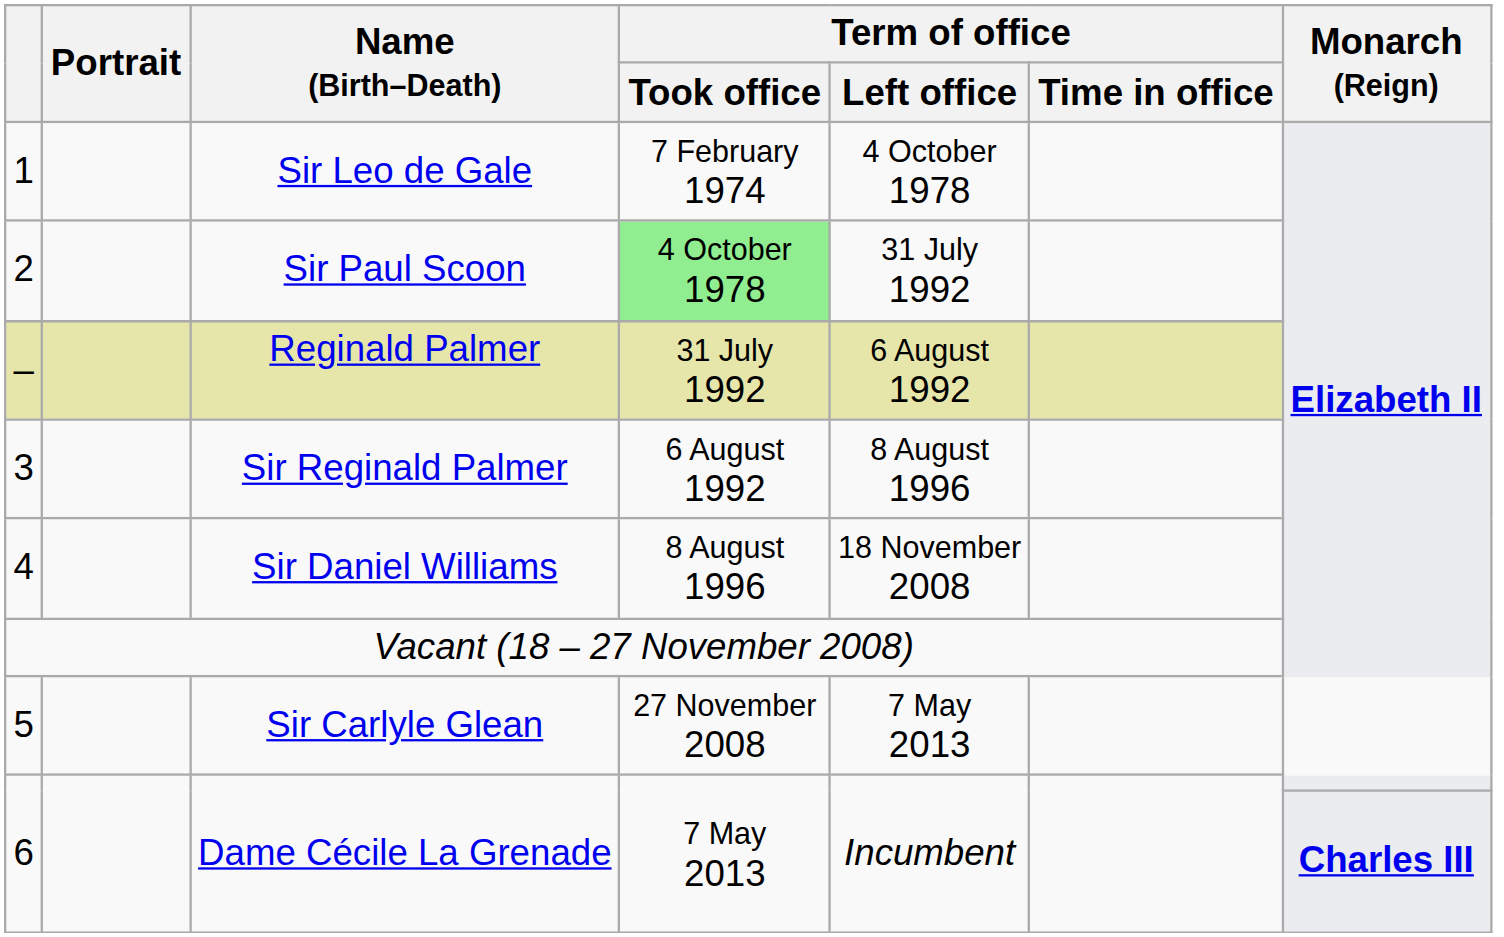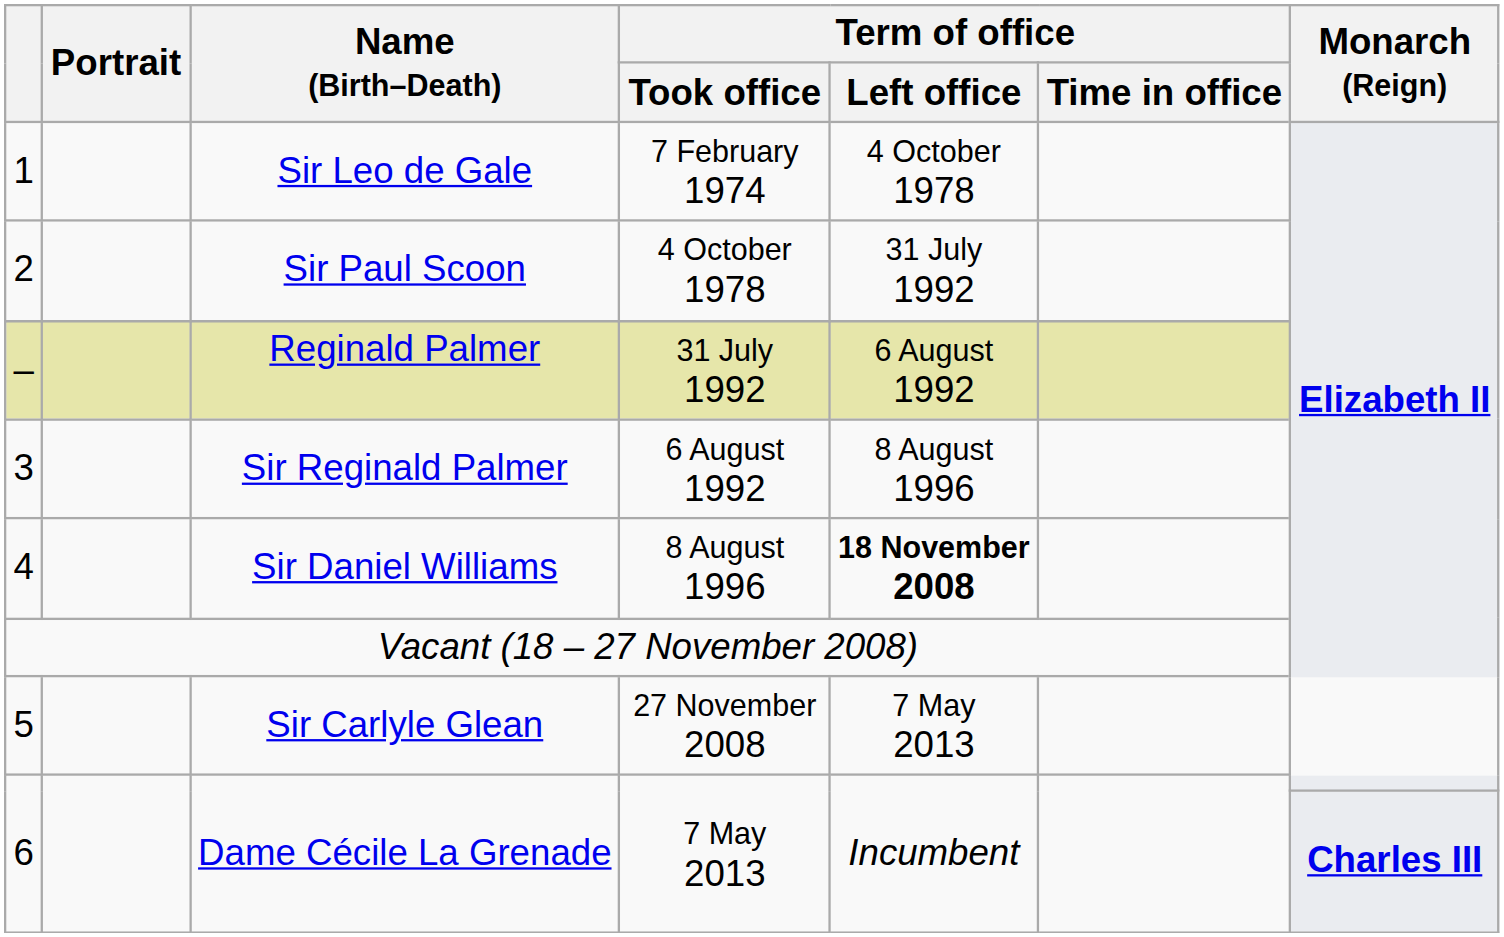 <table class="wikitable" style="text-align:center;">
 <tr>
 <th rowspan="2"></th>
 <th rowspan="2">Portrait</th>
 <th rowspan="2">Name<br><small>(Birth–Death)</small></th>
 <th colspan="3">Term of office</th>
 <th rowspan="2">Monarch<br><small>(Reign)</small></th>
 </tr>
 <tr>
 <th>Took office</th>
 <th>Left office</th>
 <th>Time in office</th>
 </tr>
 <tr>
 <td>1</td>
 <td></td>
 <td><a href='#'>Sir Leo de Gale</a><br></td>
 <td><small>7 February</small><br>1974</td>
 <td><small>4 October</small><br>1978</td>
 <td></td>
 <td rowspan="7" style="background:#eaecf0; border-style: solid solid none solid ;"><br><strong><a href='#'>Elizabeth II</a></strong><br><br></td>
 </tr>
 <tr>
 <td>2</td>
 <td></td>
 <td><a href='#'>Sir Paul Scoon</a><br></td>
-<td style="background: lightgreen;"><small>4 October</small><br>1978</td>
+<td><small>4 October</small><br>1978</td>
 <td><small>31 July</small><br>1992</td>
 <td></td>
 </tr>
 <tr>
 </tr>
 <tr style="background:#e6e6aa;">
 <td>–</td>
 <td></td>
 <td><a href='#'>Reginald Palmer</a><br><br></td>
 <td><small>31 July</small><br>1992</td>
 <td><small>6 August</small><br>1992</td>
 <td></td>
 </tr>
 <tr>
 <td>3</td>
 <td></td>
 <td><a href='#'>Sir Reginald Palmer</a><br></td>
 <td><small>6 August</small><br>1992</td>
 <td><small>8 August</small><br>1996</td>
 <td></td>
 </tr>
 <tr>
 <td>4</td>
 <td></td>
 <td><a href='#'>Sir Daniel Williams</a><br></td>
 <td><small>8 August</small><br>1996</td>
-<td><small>18 November</small><br>2008</td>
+<td><strong><small>18 November</small><br>2008</strong></td>
 <td></td>
 </tr>
 <tr>
 <td colspan="6"><em>Vacant (18 – 27 November 2008)</em></td>
 </tr>
 <tr>
 <td>5</td>
 <td></td>
 <td><a href='#'>Sir Carlyle Glean</a><br></td>
 <td><small>27 November</small><br>2008</td>
 <td><small>7 May</small><br>2013</td>
 <td></td>
 </tr>
 <tr>
 <td rowspan=2>6</td>
 <td rowspan=2></td>
 <td rowspan=2><a href='#'>Dame Cécile La Grenade</a><br></td>
 <td rowspan=2><small>7 May</small><br>2013</td>
 <td rowspan=2><em>Incumbent</em></td>
 <td rowspan=2></td>
 <td style="background:#eaecf0 ; border-style: none solid solid solid ;"></td>
 </tr>
 <tr>
 <td rowspan="1" style="background:#eaecf0"><br><strong><a href='#'>Charles III</a></strong><br><br></td>
 </tr>
 </table>
